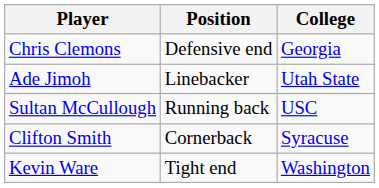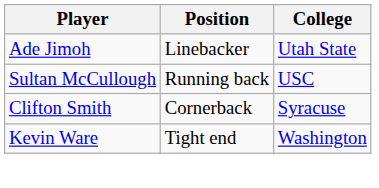 <table class="wikitable">
 <tr>
 <th>Player</th>
 <th>Position</th>
 <th>College</th>
-</tr>
-<tr>
-<td><a href='#'>Chris Clemons</a></td>
-<td>Defensive end</td>
-<td><a href='#'>Georgia</a></td>
 </tr>
 <tr>
 <td><a href='#'>Ade Jimoh</a></td>
 <td>Linebacker</td>
 <td><a href='#'>Utah State</a></td>
 </tr>
 <tr>
 <td><a href='#'>Sultan McCullough</a></td>
 <td>Running back</td>
 <td><a href='#'>USC</a></td>
 </tr>
 <tr>
 <td><a href='#'>Clifton Smith</a></td>
 <td>Cornerback</td>
 <td><a href='#'>Syracuse</a></td>
 </tr>
 <tr>
 <td><a href='#'>Kevin Ware</a></td>
 <td>Tight end</td>
 <td><a href='#'>Washington</a></td>
 </tr>
 </table>
